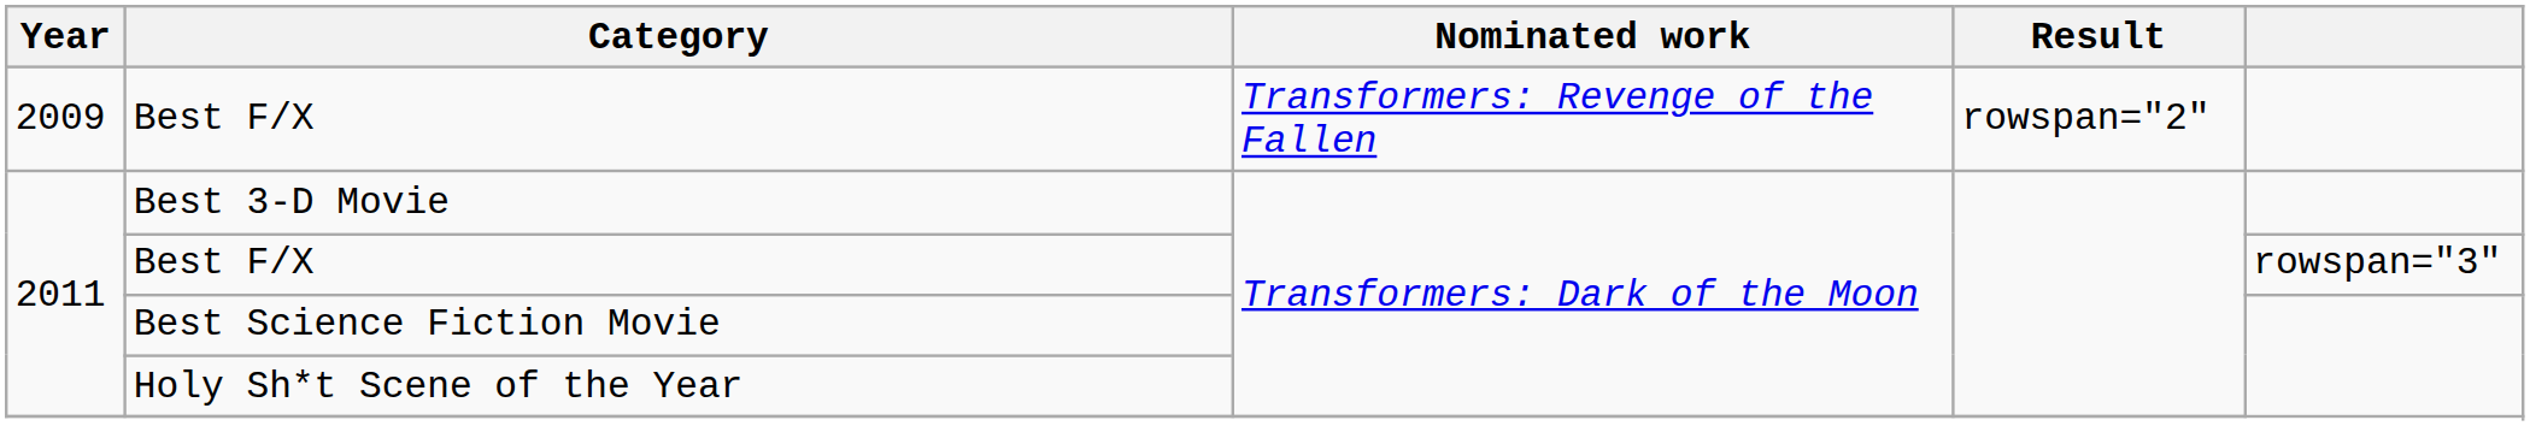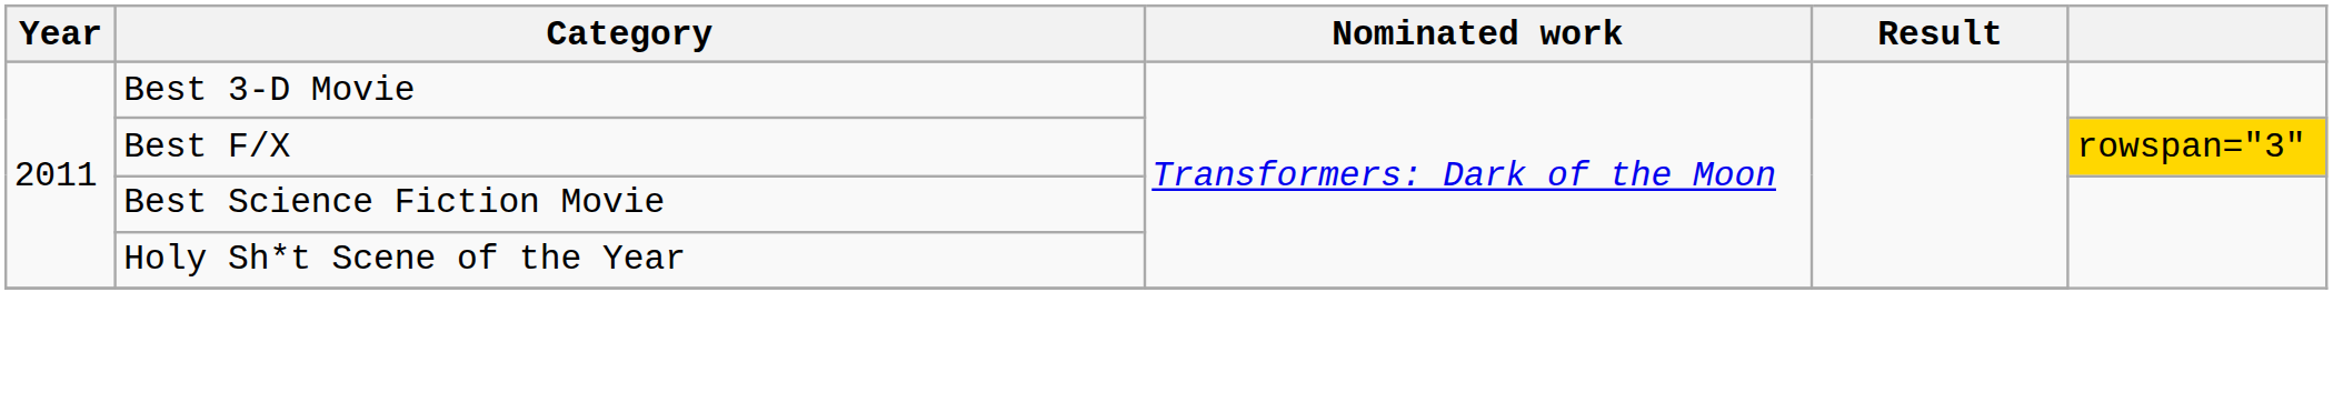 <table class=wikitable>
 <tr>
 <th width=4%>Year</th>
 <th width=40%>Category</th>
 <th width=26%>Nominated work</th>
 <th width=10%>Result</th>
 <th width=5%></th>
 </tr>
 <tr>
-<td>2009</td>
-<td>Best F/X</td>
-<td><em><a href='#'>Transformers: Revenge of the Fallen</a></em></td>
-<td>rowspan="2" </td>
-<td></td>
-</tr>
-<tr>
 <td rowspan="4">2011</td>
 <td>Best 3-D Movie</td>
 <td rowspan="4"><em><a href='#'>Transformers: Dark of the Moon</a></em></td>
 <td rowspan="4"></td>
 </tr>
 <tr>
 <td>Best F/X</td>
-<td>rowspan="3" </td>
+<td style="background: gold;">rowspan="3" </td>
 </tr>
 <tr>
 <td>Best Science Fiction Movie</td>
 </tr>
 <tr>
 <td>Holy Sh*t Scene of the Year</td>
 </tr>
 <tr>
 </tr>
 </table>
